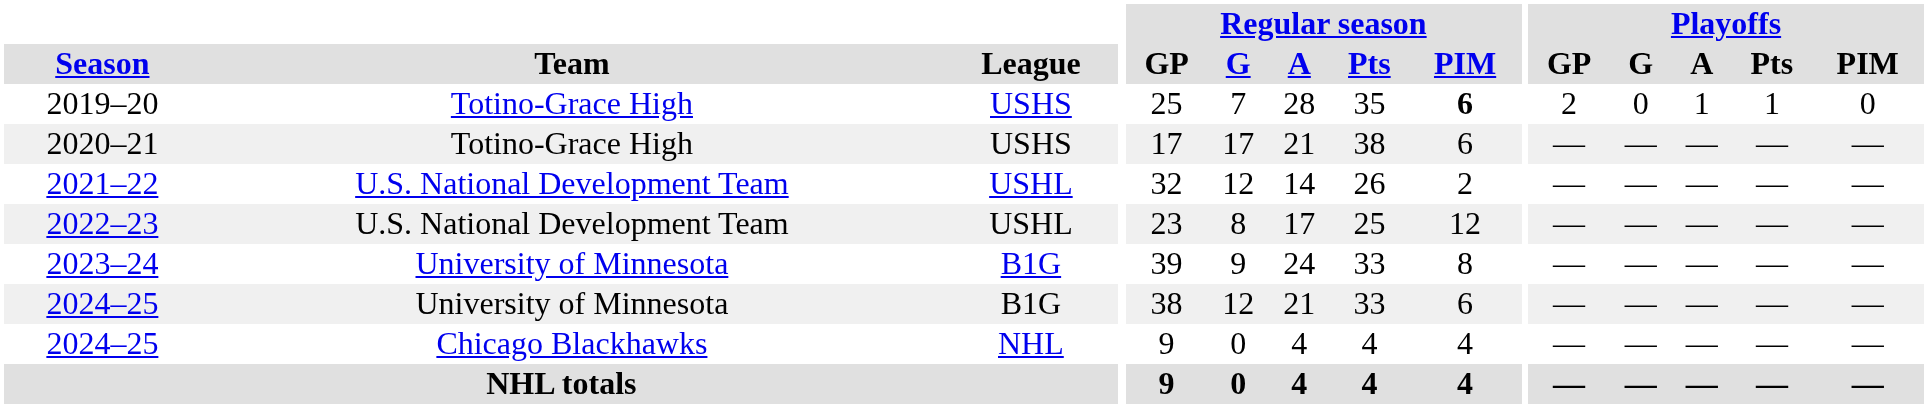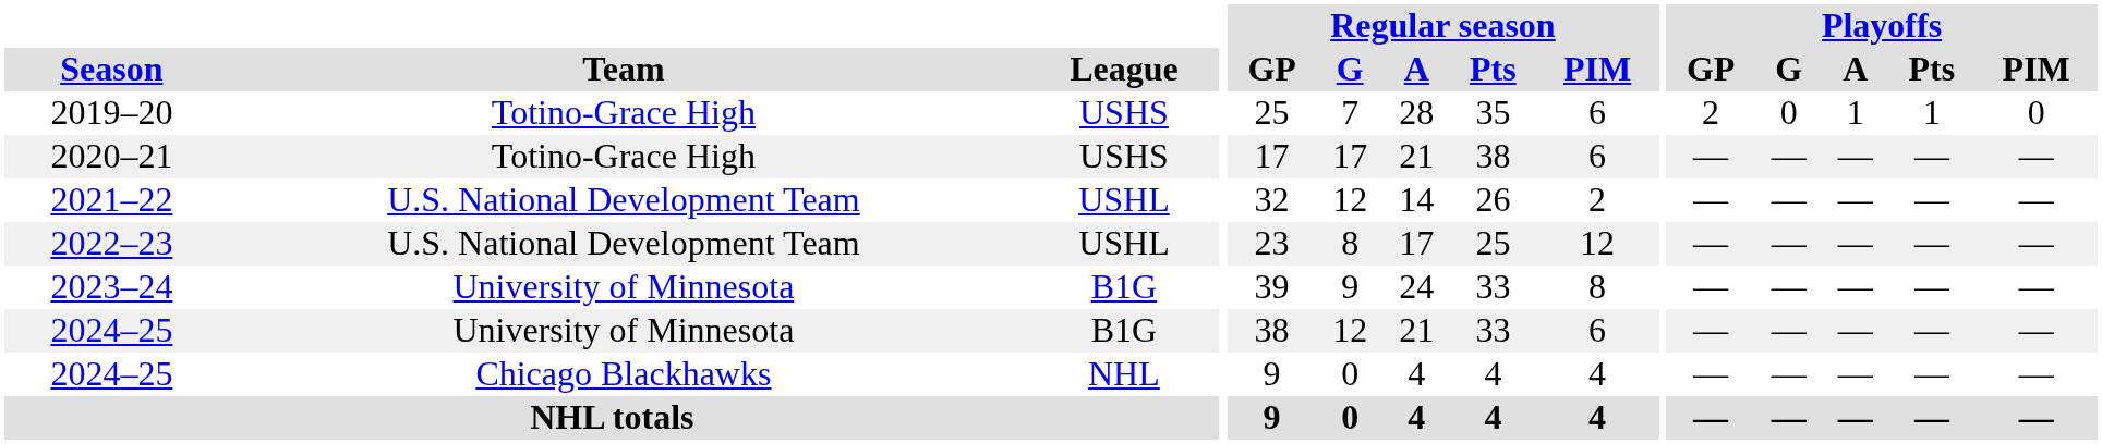 <table border="0" cellpadding="1" cellspacing="0" style="text-align:center; width:60em;">
 <tr bgcolor="#e0e0e0">
 <th colspan="3" bgcolor="#ffffff"></th>
 <th rowspan="100" bgcolor="#ffffff"></th>
 <th colspan="5"><a href='#'>Regular season</a></th>
 <th rowspan="100" bgcolor="#ffffff"></th>
 <th colspan="5"><a href='#'>Playoffs</a></th>
 </tr>
 <tr bgcolor="#e0e0e0">
 <th><a href='#'>Season</a></th>
 <th>Team</th>
 <th>League</th>
 <th>GP</th>
 <th><a href='#'>G</a></th>
 <th><a href='#'>A</a></th>
 <th><a href='#'>Pts</a></th>
 <th><a href='#'>PIM</a></th>
 <th>GP</th>
 <th>G</th>
 <th>A</th>
 <th>Pts</th>
 <th>PIM</th>
 </tr>
 <tr>
 <td>2019–20</td>
 <td><a href='#'>Totino-Grace High</a></td>
 <td><a href='#'>USHS</a></td>
 <td>25</td>
 <td>7</td>
 <td>28</td>
 <td>35</td>
-<td><strong>6</strong></td>
+<td>6</td>
 <td>2</td>
 <td>0</td>
 <td>1</td>
 <td>1</td>
 <td>0</td>
 </tr>
 <tr bgcolor="#f0f0f0">
 <td>2020–21</td>
 <td>Totino-Grace High</td>
 <td>USHS</td>
 <td>17</td>
 <td>17</td>
 <td>21</td>
 <td>38</td>
 <td>6</td>
 <td>—</td>
 <td>—</td>
 <td>—</td>
 <td>—</td>
 <td>—</td>
 </tr>
 <tr>
 <td><a href='#'>2021–22</a></td>
 <td><a href='#'>U.S. National Development Team</a></td>
 <td><a href='#'>USHL</a></td>
 <td>32</td>
 <td>12</td>
 <td>14</td>
 <td>26</td>
 <td>2</td>
 <td>—</td>
 <td>—</td>
 <td>—</td>
 <td>—</td>
 <td>—</td>
 </tr>
 <tr bgcolor="#f0f0f0">
 <td><a href='#'>2022–23</a></td>
 <td>U.S. National Development Team</td>
 <td>USHL</td>
 <td>23</td>
 <td>8</td>
 <td>17</td>
 <td>25</td>
 <td>12</td>
 <td>—</td>
 <td>—</td>
 <td>—</td>
 <td>—</td>
 <td>—</td>
 </tr>
 <tr>
 <td><a href='#'>2023–24</a></td>
 <td><a href='#'>University of Minnesota</a></td>
 <td><a href='#'>B1G</a></td>
 <td>39</td>
 <td>9</td>
 <td>24</td>
 <td>33</td>
 <td>8</td>
 <td>—</td>
 <td>—</td>
 <td>—</td>
 <td>—</td>
 <td>—</td>
 </tr>
 <tr bgcolor="#f0f0f0">
 <td><a href='#'>2024–25</a></td>
 <td>University of Minnesota</td>
 <td>B1G</td>
 <td>38</td>
 <td>12</td>
 <td>21</td>
 <td>33</td>
 <td>6</td>
 <td>—</td>
 <td>—</td>
 <td>—</td>
 <td>—</td>
 <td>—</td>
 </tr>
 <tr>
 <td><a href='#'>2024–25</a></td>
 <td><a href='#'>Chicago Blackhawks</a></td>
 <td><a href='#'>NHL</a></td>
 <td>9</td>
 <td>0</td>
 <td>4</td>
 <td>4</td>
 <td>4</td>
 <td>—</td>
 <td>—</td>
 <td>—</td>
 <td>—</td>
 <td>—</td>
 </tr>
 <tr bgcolor="#e0e0e0">
 <th colspan="3">NHL totals</th>
 <th>9</th>
 <th>0</th>
 <th>4</th>
 <th>4</th>
 <th>4</th>
 <th>—</th>
 <th>—</th>
 <th>—</th>
 <th>—</th>
 <th>—</th>
 </tr>
 </table>
